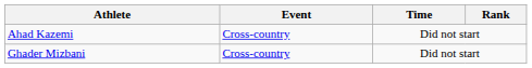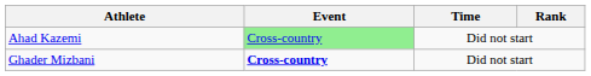 <table class="wikitable" width="50%" style="text-align:center; font-size:90%">
 <tr>
 <th width="35%">Athlete</th>
 <th width="25%">Event</th>
 <th width="15%">Time</th>
 <th width="10%">Rank</th>
 </tr>
 <tr>
 <td align="left"><a href='#'>Ahad Kazemi</a></td>
-<td align="left"><a href='#'>Cross-country</a></td>
+<td align="left" style="background: lightgreen;"><a href='#'>Cross-country</a></td>
 <td colspan=2>Did not start</td>
 </tr>
 <tr>
 <td align="left"><a href='#'>Ghader Mizbani</a></td>
-<td align="left"><a href='#'>Cross-country</a></td>
+<td align="left"><strong><a href='#'>Cross-country</a></strong></td>
 <td colspan=2>Did not start</td>
 </tr>
 </table>
